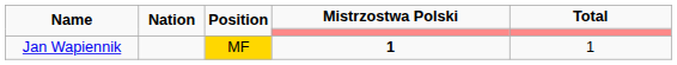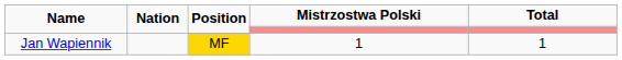 <table class="wikitable" style="font-size: 100%; text-align: center;">
 <tr>
 <td rowspan="2" width="20%" align="center"><strong>Name</strong></td>
 <td rowspan="2" width="10%" align="center"><strong>Nation</strong></td>
 <td rowspan="2" width="10%" align="center"><strong>Position</strong></td>
 <td colspan="1" align="center"><strong>Mistrzostwa Polski</strong></td>
 <td colspan="1" align="center"><strong>Total</strong></td>
 </tr>
 <tr>
 <th width=60 style="background: #FF8888"></th>
 <th width=60 style="background: #FF8888"></th>
 </tr>
 <tr>
 <td><a href='#'>Jan Wapiennik</a></td>
 <td></td>
 <td style="background: gold;">MF</td>
-<td><strong>1</strong></td>
+<td>1</td>
 <td>1</td>
 </tr>
 </table>
